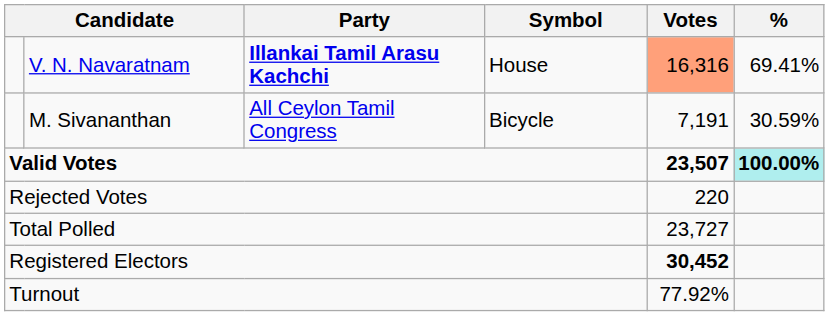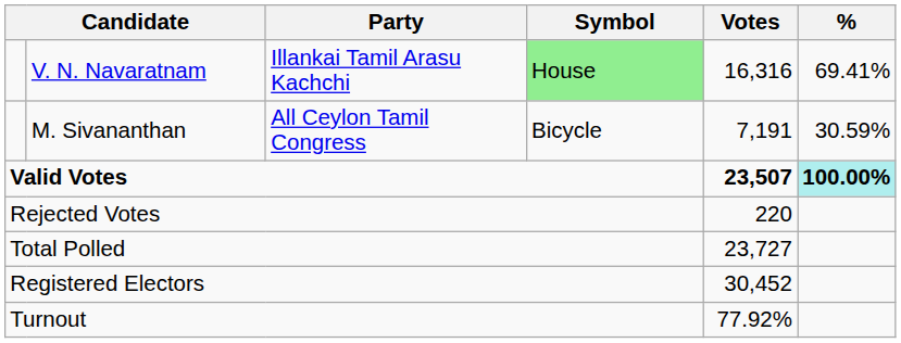 <table class="wikitable" border="1" style="text-align:right;">
 <tr>
 <th align=left colspan=2 width="180">Candidate</th>
 <th align=left width="180">Party</th>
 <th align=left width="120">Symbol</th>
 <th align=left width="60">Votes</th>
 <th align=left width="60">%</th>
 </tr>
 <tr>
 <td bgcolor=> </td>
 <td align=left><a href='#'>V. N. Navaratnam</a></td>
-<td align=left><strong><a href='#'>Illankai Tamil Arasu Kachchi</a></strong></td>
-<td align=left>House</td>
-<td style="background: lightsalmon;">16,316</td>
+<td align=left><a href='#'>Illankai Tamil Arasu Kachchi</a></td>
+<td align=left style="background: lightgreen;">House</td>
+<td>16,316</td>
 <td>69.41%</td>
 </tr>
 <tr>
 <td bgcolor=> </td>
 <td align=left>M. Sivananthan</td>
 <td align=left><a href='#'>All Ceylon Tamil Congress</a></td>
 <td align=left>Bicycle</td>
 <td>7,191</td>
 <td>30.59%</td>
 </tr>
 <tr>
 <td align=left colspan=4><strong>Valid Votes</strong></td>
 <td><strong>23,507</strong></td>
 <td style="background: paleturquoise;"><strong>100.00%</strong></td>
 </tr>
 <tr>
 <td align=left colspan=4>Rejected Votes</td>
 <td>220</td>
 <td></td>
 </tr>
 <tr>
 <td align=left colspan=4>Total Polled</td>
 <td>23,727</td>
 <td></td>
 </tr>
 <tr>
 <td align=left colspan=4>Registered Electors</td>
-<td><strong>30,452</strong></td>
+<td>30,452</td>
 <td></td>
 </tr>
 <tr>
 <td align=left colspan=4>Turnout</td>
 <td>77.92%</td>
 </tr>
 </table>
